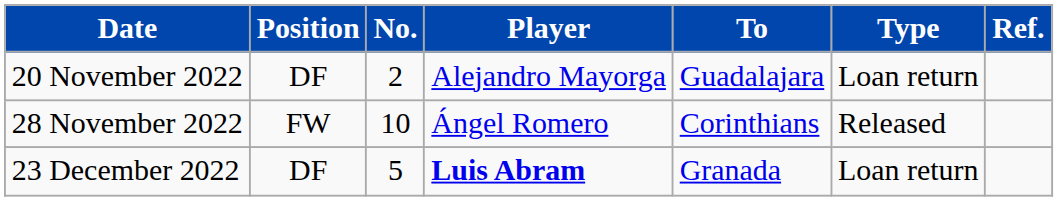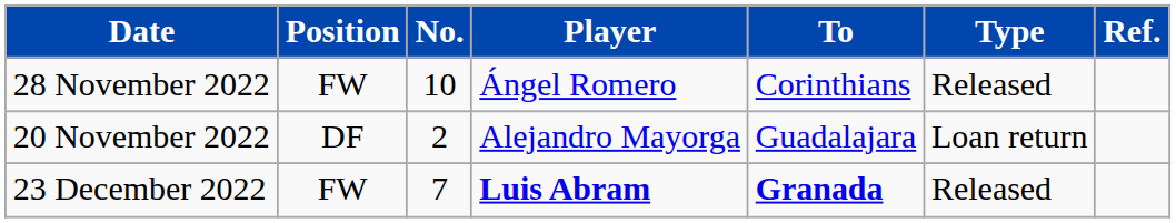 <table class="wikitable plainrowheaders sortable">
 <tr>
 <th style="background:#0046AD; color:#FFFFFF; ">Date</th>
 <th style="background:#0046AD; color:#FFFFFF; ">Position</th>
 <th style="background:#0046AD; color:#FFFFFF; ">No.</th>
 <th style="background:#0046AD; color:#FFFFFF; ">Player</th>
 <th style="background:#0046AD; color:#FFFFFF; ">To</th>
 <th style="background:#0046AD; color:#FFFFFF; ">Type</th>
 <th style="background:#0046AD; color:#FFFFFF; ">Ref.</th>
 </tr>
 <tr>
+<td>28 November 2022</td>
+<td style="text-align:center;">FW</td>
+<td style="text-align:center;">10</td>
+<td style="text-align:left;"> <a href='#'>Ángel Romero</a></td>
+<td style="text-align:left;"> <a href='#'>Corinthians</a></td>
+<td>Released</td>
+<td></td>
+</tr>
+<tr>
 <td>20 November 2022</td>
 <td style="text-align:center;">DF</td>
 <td style="text-align:center;">2</td>
 <td style="text-align:left;"> <a href='#'>Alejandro Mayorga</a></td>
 <td style="text-align:left;"> <a href='#'>Guadalajara</a></td>
 <td>Loan return</td>
 <td></td>
 </tr>
 <tr>
-<td>28 November 2022</td>
+<td>23 December 2022</td>
 <td style="text-align:center;">FW</td>
-<td style="text-align:center;">10</td>
-<td style="text-align:left;"> <a href='#'>Ángel Romero</a></td>
-<td style="text-align:left;"> <a href='#'>Corinthians</a></td>
+<td style="text-align:center;">7</td>
+<td style="text-align:left;"><strong> <a href='#'>Luis Abram</a></strong></td>
+<td style="text-align:left;"><strong> <a href='#'>Granada</a></strong></td>
 <td>Released</td>
 <td></td>
 </tr>
-<tr>
-<td>23 December 2022</td>
-<td style="text-align:center;">DF</td>
-<td style="text-align:center;">5</td>
-<td style="text-align:left;"><strong> <a href='#'>Luis Abram</a></strong></td>
-<td style="text-align:left;"> <a href='#'>Granada</a></td>
-<td>Loan return</td>
-<td></td>
-</tr>
 </table>
